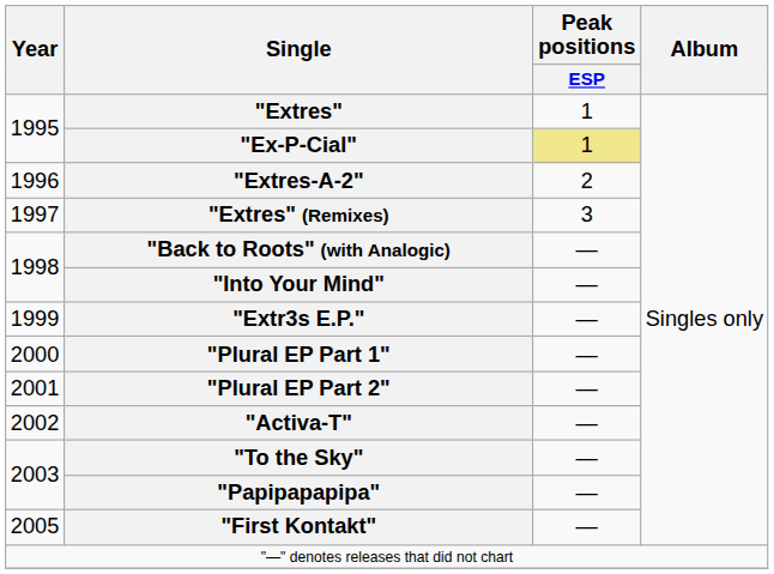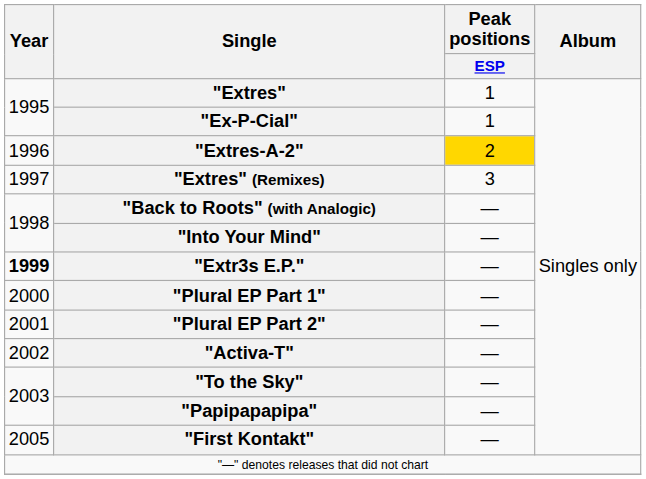 <table class="wikitable plainrowheaders" style="text-align:center;">
 <tr>
 <th rowspan="2">Year</th>
 <th rowspan="2" style="width:21em;">Single</th>
 <th>Peak positions</th>
 <th rowspan="2">Album</th>
 </tr>
 <tr style="font-size:smaller;">
 <th width="60"><a href='#'>ESP</a><br></th>
 </tr>
 <tr>
 <td rowspan=2>1995</td>
 <th scope="row">"Extres"</th>
 <td>1</td>
 <td rowspan="13">Singles only</td>
 </tr>
 <tr>
 <th scope="row">"Ex-P-Cial"</th>
-<td style="background: khaki;">1</td>
+<td>1</td>
 </tr>
 <tr>
 <td>1996</td>
 <th scope="row">"Extres-A-2"</th>
-<td>2</td>
+<td style="background: gold;">2</td>
 </tr>
 <tr>
 <td>1997</td>
 <th scope="row">"Extres" <small>(Remixes)</small></th>
 <td>3</td>
 </tr>
 <tr>
 <td rowspan=2>1998</td>
 <th scope="row">"Back to Roots" <small>(with Analogic)</small></th>
 <td>—</td>
 </tr>
 <tr>
 <th scope="row">"Into Your Mind"</th>
 <td>—</td>
 </tr>
 <tr>
-<td>1999</td>
+<td><strong>1999</strong></td>
 <th scope="row">"Extr3s E.P."</th>
 <td>—</td>
 </tr>
 <tr>
 <td>2000</td>
 <th scope="row">"Plural EP Part 1"</th>
 <td>—</td>
 </tr>
 <tr>
 <td>2001</td>
 <th scope="row">"Plural EP Part 2"</th>
 <td>—</td>
 </tr>
 <tr>
 <td>2002</td>
 <th scope="row">"Activa-T"</th>
 <td>—</td>
 </tr>
 <tr>
 <td rowspan=2>2003</td>
 <th scope="row">"To the Sky"</th>
 <td>—</td>
 </tr>
 <tr>
 <th scope="row">"Papipapapipa"</th>
 <td>—</td>
 </tr>
 <tr>
 <td>2005</td>
 <th scope="row">"First Kontakt"</th>
 <td>—</td>
 </tr>
 <tr>
 <td colspan="4" style="font-size:8pt">"—" denotes releases that did not chart</td>
 </tr>
 <tr>
 </tr>
 </table>
